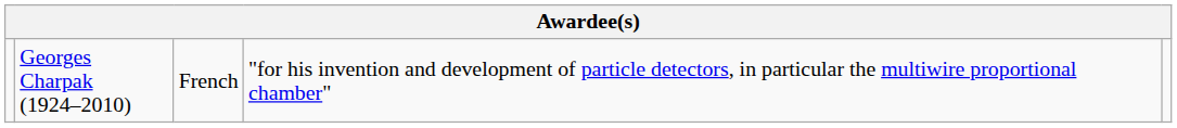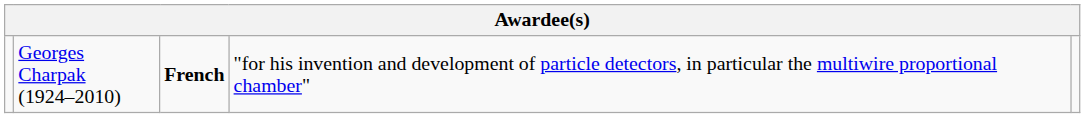 <table class="wikitable">
 <tr>
 <th colspan="5">Awardee(s)</th>
 </tr>
 <tr>
 <td></td>
 <td><a href='#'>Georges Charpak</a><br>(1924–2010)</td>
-<td> French</td>
+<td><strong> French</strong></td>
 <td>"for his invention and development of <a href='#'>particle detectors</a>, in particular the <a href='#'>multiwire proportional chamber</a>"</td>
 <td></td>
 </tr>
 </table>
